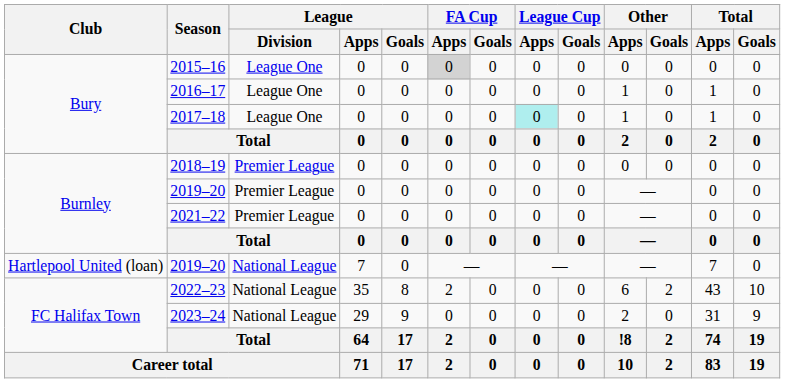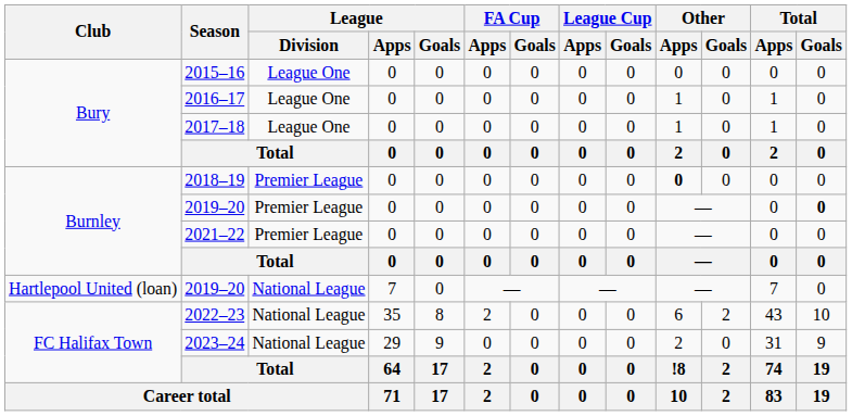 <table class="wikitable" style="text-align:center;">
 <tr>
 <th rowspan="2">Club</th>
 <th rowspan="2">Season</th>
 <th colspan="3">League</th>
 <th colspan="2"><a href='#'>FA Cup</a></th>
 <th colspan="2"><a href='#'>League Cup</a></th>
 <th colspan="2">Other</th>
 <th colspan="2">Total</th>
 </tr>
 <tr>
 <th>Division</th>
 <th>Apps</th>
 <th>Goals</th>
 <th>Apps</th>
 <th>Goals</th>
 <th>Apps</th>
 <th>Goals</th>
 <th>Apps</th>
 <th>Goals</th>
 <th>Apps</th>
 <th>Goals</th>
 </tr>
 <tr>
 <td rowspan="4" valign="center"><a href='#'>Bury</a></td>
 <td><a href='#'>2015–16</a></td>
 <td><a href='#'>League One</a></td>
 <td>0</td>
 <td>0</td>
-<td style="background: lightgrey;">0</td>
+<td>0</td>
 <td>0</td>
 <td>0</td>
 <td>0</td>
 <td>0</td>
 <td>0</td>
 <td>0</td>
 <td>0</td>
 </tr>
 <tr>
 <td><a href='#'>2016–17</a></td>
 <td>League One</td>
 <td>0</td>
 <td>0</td>
 <td>0</td>
 <td>0</td>
 <td>0</td>
 <td>0</td>
 <td>1</td>
 <td>0</td>
 <td>1</td>
 <td>0</td>
 </tr>
 <tr>
 <td><a href='#'>2017–18</a></td>
 <td>League One</td>
 <td>0</td>
 <td>0</td>
 <td>0</td>
 <td>0</td>
-<td style="background: paleturquoise;">0</td>
+<td>0</td>
 <td>0</td>
 <td>1</td>
 <td>0</td>
 <td>1</td>
 <td>0</td>
 </tr>
 <tr>
 <th colspan=2>Total</th>
 <th>0</th>
 <th>0</th>
 <th>0</th>
 <th>0</th>
 <th>0</th>
 <th>0</th>
 <th>2</th>
 <th>0</th>
 <th>2</th>
 <th>0</th>
 </tr>
 <tr>
 <td rowspan="4" valign="center"><a href='#'>Burnley</a></td>
 <td><a href='#'>2018–19</a></td>
 <td><a href='#'>Premier League</a></td>
 <td>0</td>
 <td>0</td>
 <td>0</td>
 <td>0</td>
 <td>0</td>
 <td>0</td>
-<td>0</td>
+<td><strong>0</strong></td>
 <td>0</td>
 <td>0</td>
 <td>0</td>
 </tr>
 <tr>
 <td><a href='#'>2019–20</a></td>
 <td>Premier League</td>
 <td>0</td>
 <td>0</td>
 <td>0</td>
 <td>0</td>
 <td>0</td>
 <td>0</td>
 <td colspan=2>—</td>
 <td>0</td>
-<td>0</td>
+<td><strong>0</strong></td>
 </tr>
 <tr>
 <td><a href='#'>2021–22</a></td>
 <td>Premier League</td>
 <td>0</td>
 <td>0</td>
 <td>0</td>
 <td>0</td>
 <td>0</td>
 <td>0</td>
 <td colspan=2>—</td>
 <td>0</td>
 <td>0</td>
 </tr>
 <tr>
 <th colspan=2>Total</th>
 <th>0</th>
 <th>0</th>
 <th>0</th>
 <th>0</th>
 <th>0</th>
 <th>0</th>
 <th colspan=2>—</th>
 <th>0</th>
 <th>0</th>
 </tr>
 <tr>
 <td><a href='#'>Hartlepool United</a> (loan)</td>
 <td><a href='#'>2019–20</a></td>
 <td><a href='#'>National League</a></td>
 <td>7</td>
 <td>0</td>
 <td colspan=2>—</td>
 <td colspan=2>—</td>
 <td colspan=2>—</td>
 <td>7</td>
 <td>0</td>
 </tr>
 <tr>
 <td rowspan="3" valign="center"><a href='#'>FC Halifax Town</a></td>
 <td><a href='#'>2022–23</a></td>
 <td>National League</td>
 <td>35</td>
 <td>8</td>
 <td>2</td>
 <td>0</td>
 <td>0</td>
 <td>0</td>
 <td>6</td>
 <td>2</td>
 <td>43</td>
 <td>10</td>
 </tr>
 <tr>
 <td><a href='#'>2023–24</a></td>
 <td>National League</td>
 <td>29</td>
 <td>9</td>
 <td>0</td>
 <td>0</td>
 <td>0</td>
 <td>0</td>
 <td>2</td>
 <td>0</td>
 <td>31</td>
 <td>9</td>
 </tr>
 <tr>
 <th colspan=2>Total</th>
 <th>64</th>
 <th>17</th>
 <th>2</th>
 <th>0</th>
 <th>0</th>
 <th>0</th>
 <th>!8</th>
 <th>2</th>
 <th>74</th>
 <th>19</th>
 </tr>
 <tr>
 <th colspan="3">Career total</th>
 <th>71</th>
 <th>17</th>
 <th>2</th>
 <th>0</th>
 <th>0</th>
 <th>0</th>
 <th>10</th>
 <th>2</th>
 <th>83</th>
 <th>19</th>
 </tr>
 </table>
